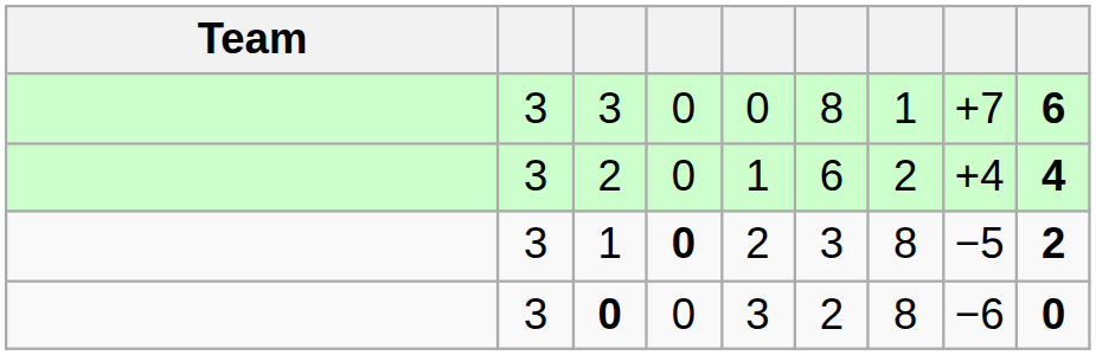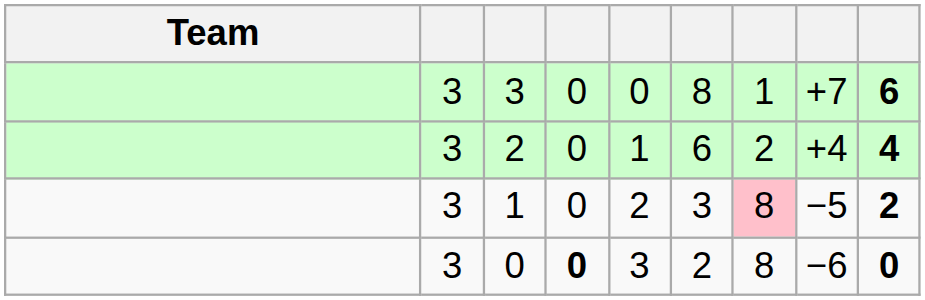 <table class="wikitable" style="text-align:center">
 <tr>
 <th width=175>Team</th>
 <th width=20></th>
 <th width=20></th>
 <th width=20></th>
 <th width=20></th>
 <th width=20></th>
 <th width=20></th>
 <th width=20></th>
 <th width=20></th>
 </tr>
 <tr bgcolor=#CCFFCC>
 <td align="left"></td>
 <td>3</td>
 <td>3</td>
 <td>0</td>
 <td>0</td>
 <td>8</td>
 <td>1</td>
 <td>+7</td>
 <td><strong>6</strong></td>
 </tr>
 <tr bgcolor=#CCFFCC>
 <td align="left"></td>
 <td>3</td>
 <td>2</td>
 <td>0</td>
 <td>1</td>
 <td>6</td>
 <td>2</td>
 <td>+4</td>
 <td><strong>4</strong></td>
 </tr>
 <tr>
 <td align="left"></td>
 <td>3</td>
 <td>1</td>
-<td><strong>0</strong></td>
+<td>0</td>
 <td>2</td>
 <td>3</td>
-<td>8</td>
+<td style="background: pink;">8</td>
 <td>−5</td>
 <td><strong>2</strong></td>
 </tr>
 <tr>
 <td align="left"></td>
 <td>3</td>
+<td>0</td>
 <td><strong>0</strong></td>
-<td>0</td>
 <td>3</td>
 <td>2</td>
 <td>8</td>
 <td>−6</td>
 <td><strong>0</strong></td>
 </tr>
 </table>
